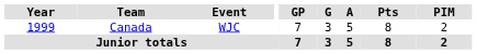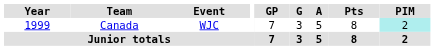 <table border="0" cellpadding="1" cellspacing="0" ID="Table3" style="text-align:center; width:40em">
 <tr bgcolor="#e0e0e0">
 <th>Year</th>
 <th>Team</th>
 <th>Event</th>
 <th rowspan="102" bgcolor="#ffffff"></th>
 <th>GP</th>
 <th>G</th>
 <th>A</th>
 <th>Pts</th>
 <th>PIM</th>
 </tr>
 <tr>
 <td><a href='#'>1999</a></td>
 <td><a href='#'>Canada</a></td>
 <td><a href='#'>WJC</a></td>
 <td>7</td>
 <td>3</td>
 <td>5</td>
 <td>8</td>
-<td>2</td>
+<td style="background: paleturquoise;">2</td>
 </tr>
 <tr bgcolor="#e0e0e0">
 <th colspan="4">Junior totals</th>
 <th>7</th>
 <th>3</th>
 <th>5</th>
 <th>8</th>
 <th>2</th>
 </tr>
 </table>
